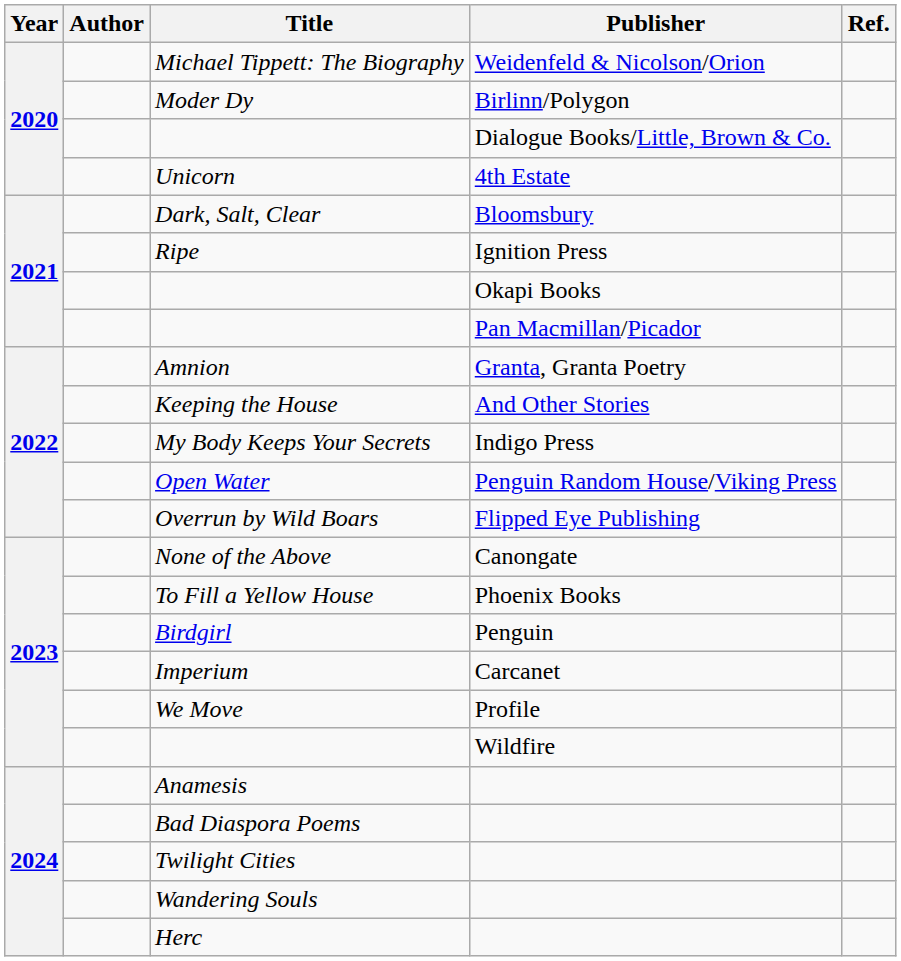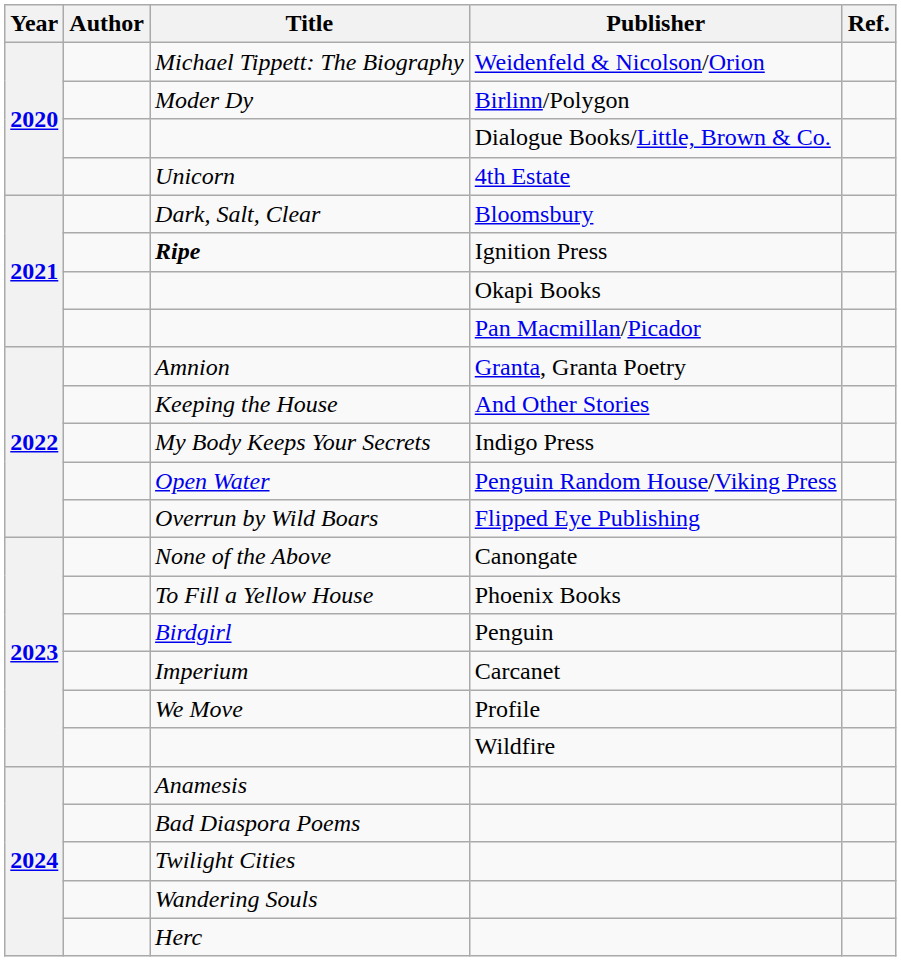 <table class="wikitable">
 <tr>
 <th>Year</th>
 <th>Author</th>
 <th>Title</th>
 <th>Publisher</th>
 <th>Ref.</th>
 </tr>
 <tr>
 <th rowspan="4"><a href='#'>2020</a></th>
 <td></td>
 <td><em>Michael Tippett: The Biography</em></td>
 <td><a href='#'>Weidenfeld & Nicolson</a>/<a href='#'>Orion</a></td>
 <td></td>
 </tr>
 <tr>
 <td></td>
 <td><em>Moder Dy</em></td>
 <td><a href='#'>Birlinn</a>/Polygon</td>
 <td></td>
 </tr>
 <tr>
 <td></td>
 <td><em></em></td>
 <td>Dialogue Books/<a href='#'>Little, Brown & Co.</a></td>
 <td></td>
 </tr>
 <tr>
 <td></td>
 <td><em>Unicorn</em></td>
 <td><a href='#'>4th Estate</a></td>
 <td></td>
 </tr>
 <tr>
 <th rowspan="4"><a href='#'>2021</a></th>
 <td></td>
 <td><em>Dark, Salt, Clear</em></td>
 <td><a href='#'>Bloomsbury</a></td>
 <td></td>
 </tr>
 <tr>
 <td></td>
-<td><em>Ripe</em></td>
+<td><strong><em>Ripe</em></strong></td>
 <td>Ignition Press</td>
 <td></td>
 </tr>
 <tr>
 <td></td>
 <td><em></em></td>
 <td>Okapi Books</td>
 <td></td>
 </tr>
 <tr>
 <td></td>
 <td><em></em></td>
 <td><a href='#'>Pan Macmillan</a>/<a href='#'>Picador</a></td>
 <td></td>
 </tr>
 <tr>
 <th rowspan="5"><a href='#'>2022</a></th>
 <td></td>
 <td><em>Amnion</em></td>
 <td><a href='#'>Granta</a>, Granta Poetry</td>
 <td></td>
 </tr>
 <tr>
 <td></td>
 <td><em>Keeping the House</em></td>
 <td><a href='#'>And Other Stories</a></td>
 <td></td>
 </tr>
 <tr>
 <td></td>
 <td><em>My Body Keeps Your Secrets</em></td>
 <td>Indigo Press</td>
 <td></td>
 </tr>
 <tr>
 <td></td>
 <td><em><a href='#'>Open Water</a></em></td>
 <td><a href='#'>Penguin Random House</a>/<a href='#'>Viking Press</a></td>
 <td></td>
 </tr>
 <tr>
 <td></td>
 <td><em>Overrun by Wild Boars</em></td>
 <td><a href='#'>Flipped Eye Publishing</a></td>
 <td></td>
 </tr>
 <tr>
 <th rowspan="6"><a href='#'>2023</a></th>
 <td></td>
 <td><em>None of the Above</em></td>
 <td>Canongate</td>
 <td></td>
 </tr>
 <tr>
 <td></td>
 <td><em>To Fill a Yellow House</em></td>
 <td>Phoenix Books</td>
 <td></td>
 </tr>
 <tr>
 <td></td>
 <td><em><a href='#'>Birdgirl</a></em></td>
 <td>Penguin</td>
 <td></td>
 </tr>
 <tr>
 <td></td>
 <td><em>Imperium</em></td>
 <td>Carcanet</td>
 <td></td>
 </tr>
 <tr>
 <td></td>
 <td><em>We Move</em></td>
 <td>Profile</td>
 <td></td>
 </tr>
 <tr>
 <td></td>
 <td></td>
 <td>Wildfire</td>
 <td></td>
 </tr>
 <tr>
 <th rowspan="5"><a href='#'>2024</a></th>
 <td></td>
 <td><em>Anamesis</em></td>
 <td></td>
 <td></td>
 </tr>
 <tr>
 <td></td>
 <td><em>Bad Diaspora Poems</em></td>
 <td></td>
 <td></td>
 </tr>
 <tr>
 <td></td>
 <td><em>Twilight Cities</em></td>
 <td></td>
 <td></td>
 </tr>
 <tr>
 <td></td>
 <td><em>Wandering Souls</em></td>
 <td></td>
 <td></td>
 </tr>
 <tr>
 <td></td>
 <td><em>Herc</em></td>
 <td></td>
 <td></td>
 </tr>
 </table>
